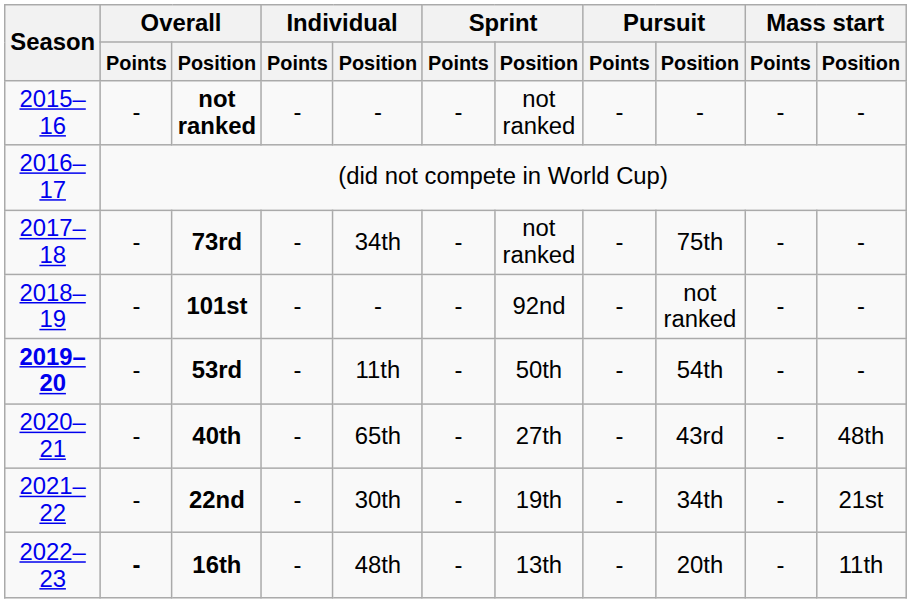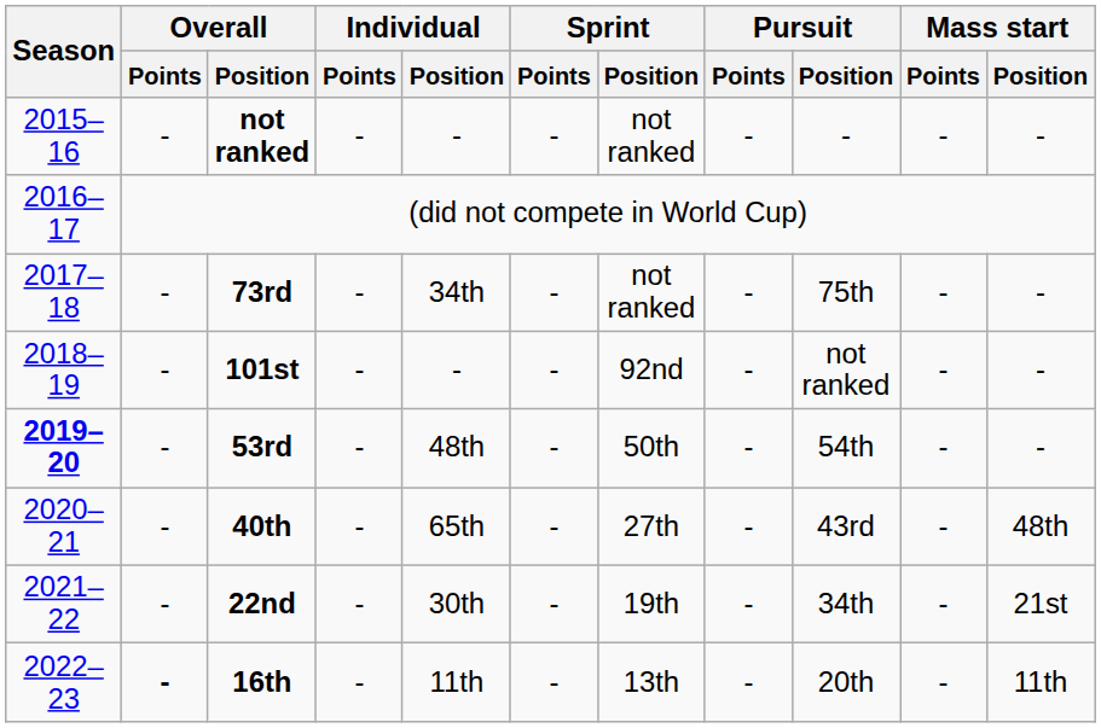 <table class="wikitable" style="text-align:center;" width="70%">
 <tr class="hintergrundfarbe5">
 <th rowspan="2" style="width:4%;">Season</th>
 <th colspan="2">Overall</th>
 <th colspan="2">Individual</th>
 <th colspan="2">Sprint</th>
 <th colspan="2">Pursuit</th>
 <th colspan="2">Mass start</th>
 </tr>
 <tr class="hintergrundfarbe5">
 <th style="width:5%;"><small>Points</small></th>
 <th style="width:5%;"><small>Position</small></th>
 <th style="width:5%;"><small>Points</small></th>
 <th style="width:5%;"><small>Position</small></th>
 <th style="width:5%;"><small>Points</small></th>
 <th style="width:5%;"><small>Position</small></th>
 <th style="width:5%;"><small>Points</small></th>
 <th style="width:5%;"><small>Position</small></th>
 <th style="width:5%;"><small>Points</small></th>
 <th style="width:5%;"><small>Position</small></th>
 </tr>
 <tr>
 <td><a href='#'>2015–16</a></td>
 <td>-</td>
 <td><strong>not ranked</strong></td>
 <td>-</td>
 <td>-</td>
 <td>-</td>
 <td>not ranked</td>
 <td>-</td>
 <td>-</td>
 <td>-</td>
 <td>-</td>
 </tr>
 <tr>
 <td><a href='#'>2016–17</a></td>
 <td colspan="10">(did not compete in World Cup)</td>
 </tr>
 <tr>
 <td><a href='#'>2017–18</a></td>
 <td>-</td>
 <td><strong>73rd</strong></td>
 <td>-</td>
 <td>34th</td>
 <td>-</td>
 <td>not ranked</td>
 <td>-</td>
 <td>75th</td>
 <td>-</td>
 <td>-</td>
 </tr>
 <tr>
 <td><a href='#'>2018–19</a></td>
 <td>-</td>
 <td><strong>101st</strong></td>
 <td>-</td>
 <td>-</td>
 <td>-</td>
 <td>92nd</td>
 <td>-</td>
 <td>not ranked</td>
 <td>-</td>
 <td>-</td>
 </tr>
 <tr>
 <td><strong><a href='#'>2019–20</a></strong></td>
 <td>-</td>
 <td><strong>53rd</strong></td>
 <td>-</td>
-<td>11th</td>
+<td>48th</td>
 <td>-</td>
 <td>50th</td>
 <td>-</td>
 <td>54th</td>
 <td>-</td>
 <td>-</td>
 </tr>
 <tr>
 <td><a href='#'>2020–21</a></td>
 <td>-</td>
 <td><strong>40th</strong></td>
 <td>-</td>
 <td>65th</td>
 <td>-</td>
 <td>27th</td>
 <td>-</td>
 <td>43rd</td>
 <td>-</td>
 <td>48th</td>
 </tr>
 <tr>
 <td><a href='#'>2021–22</a></td>
 <td>-</td>
 <td><strong>22nd</strong></td>
 <td>-</td>
 <td>30th</td>
 <td>-</td>
 <td>19th</td>
 <td>-</td>
 <td>34th</td>
 <td>-</td>
 <td>21st</td>
 </tr>
 <tr>
 <td><a href='#'>2022–23</a></td>
 <td><strong>-</strong></td>
 <td><strong>16th</strong></td>
 <td>-</td>
-<td>48th</td>
+<td>11th</td>
 <td>-</td>
 <td>13th</td>
 <td>-</td>
 <td>20th</td>
 <td>-</td>
 <td>11th</td>
 </tr>
 </table>
